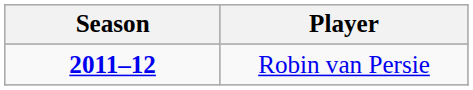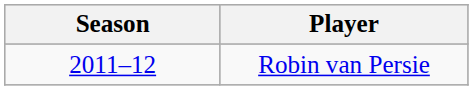 <table class="wikitable" style="text-align:center">
 <tr>
 <th>Season</th>
 <th>Player</th>
 </tr>
 <tr>
-<td width="130"><strong><a href='#'>2011–12</a></strong></td>
+<td width="130"><a href='#'>2011–12</a></td>
 <td width="150"> <a href='#'>Robin van Persie</a></td>
 </tr>
 </table>
